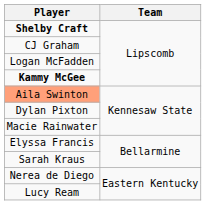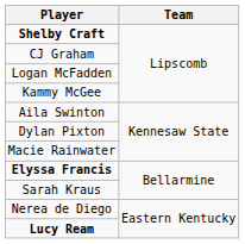 <table class="wikitable" style="text-align: center;">
 <tr>
 <th>Player</th>
 <th>Team</th>
 </tr>
 <tr>
 <td><strong>Shelby Craft</strong></td>
 <td rowspan=4>Lipscomb</td>
 </tr>
 <tr>
 <td>CJ Graham</td>
 </tr>
 <tr>
 <td>Logan McFadden</td>
 </tr>
 <tr>
-<td><strong>Kammy McGee</strong></td>
+<td>Kammy McGee</td>
 </tr>
 <tr>
-<td style="background: lightsalmon;">Aila Swinton</td>
+<td>Aila Swinton</td>
 <td rowspan=3>Kennesaw State</td>
 </tr>
 <tr>
 <td>Dylan Pixton</td>
 </tr>
 <tr>
 <td>Macie Rainwater</td>
 </tr>
 <tr>
-<td>Elyssa Francis</td>
+<td><strong>Elyssa Francis</strong></td>
 <td rowspan=2>Bellarmine</td>
 </tr>
 <tr>
 <td>Sarah Kraus</td>
 </tr>
 <tr>
 <td>Nerea de Diego</td>
 <td rowspan=2>Eastern Kentucky</td>
 </tr>
 <tr>
-<td>Lucy Ream</td>
+<td><strong>Lucy Ream</strong></td>
 </tr>
 </table>
